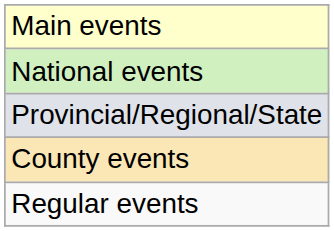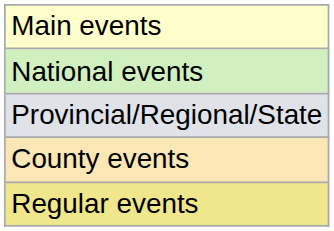 <table class="wikitable">
 <tr style="background:#ffc;">
 <td>Main events </td>
 </tr>
 <tr style="background:#d0f0c0">
 <td>National events</td>
 </tr>
 <tr style="background:#dfe2e9">
 <td>Provincial/Regional/State</td>
 </tr>
 <tr style="background:#fae7b5">
 <td>County events</td>
 </tr>
 <tr>
-<td>Regular events</td>
+<td style="background: khaki;">Regular events</td>
 </tr>
 </table>
